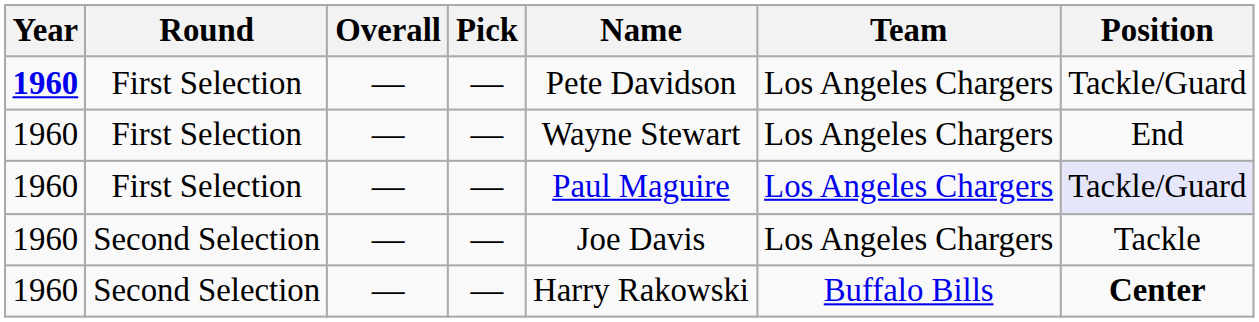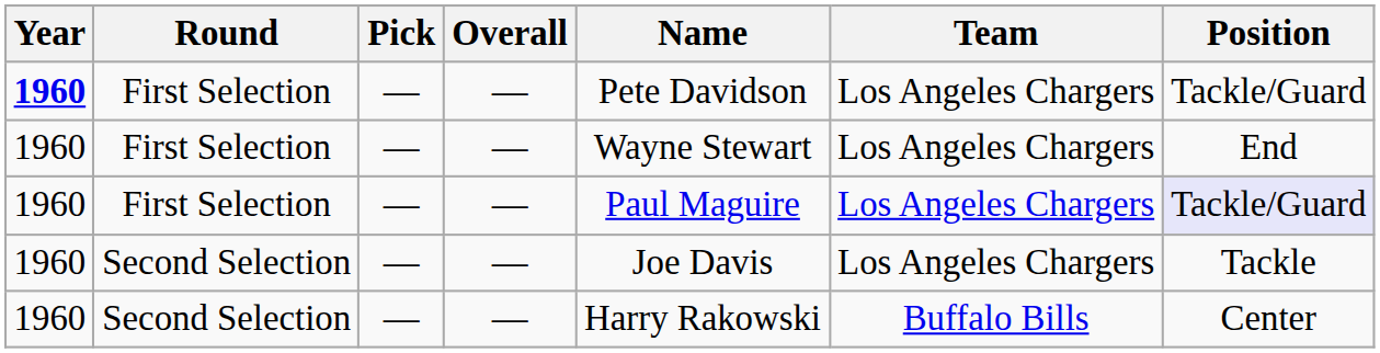 <table class="wikitable sortable" style="text-align:center;">
 <tr>
 <th>Year</th>
 <th>Round</th>
+<th>Pick</th>
 <th>Overall</th>
-<th>Pick</th>
 <th>Name</th>
 <th>Team</th>
 <th>Position</th>
 </tr>
 <tr>
 <td><strong><a href='#'>1960</a></strong></td>
 <td>First Selection</td>
 <td>—</td>
 <td>—</td>
 <td>Pete Davidson</td>
 <td>Los Angeles Chargers</td>
 <td>Tackle/Guard</td>
 </tr>
 <tr>
 <td>1960</td>
 <td>First Selection</td>
 <td>—</td>
 <td>—</td>
 <td>Wayne Stewart</td>
 <td>Los Angeles Chargers</td>
 <td>End</td>
 </tr>
 <tr>
 <td>1960</td>
 <td>First Selection</td>
 <td>—</td>
 <td>—</td>
 <td><a href='#'>Paul Maguire</a></td>
 <td><a href='#'>Los Angeles Chargers</a></td>
 <td style="background: lavender;">Tackle/Guard</td>
 </tr>
 <tr>
 <td>1960</td>
 <td>Second Selection</td>
 <td>—</td>
 <td>—</td>
 <td>Joe Davis</td>
 <td>Los Angeles Chargers</td>
 <td>Tackle</td>
 </tr>
 <tr>
 <td>1960</td>
 <td>Second Selection</td>
 <td>—</td>
 <td>—</td>
 <td>Harry Rakowski</td>
 <td><a href='#'>Buffalo Bills</a></td>
-<td><strong>Center</strong></td>
+<td>Center</td>
 </tr>
 </table>
